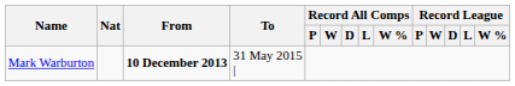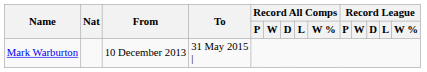 <table class="wikitable" style="text-align: center">
 <tr>
 <th rowspan="2">Name</th>
 <th rowspan="2">Nat</th>
 <th rowspan="2">From</th>
 <th rowspan="2">To</th>
 <th colspan="5">Record All Comps</th>
 <th colspan="5">Record League</th>
 </tr>
 <tr>
 <th>P</th>
 <th>W</th>
 <th>D</th>
 <th>L</th>
 <th>W %</th>
 <th>P</th>
 <th>W</th>
 <th>D</th>
 <th>L</th>
 <th>W %</th>
 </tr>
 <tr>
 <td align=left><a href='#'>Mark Warburton</a></td>
 <td></td>
-<td align=left><strong>10 December 2013</strong></td>
+<td align=left>10 December 2013</td>
 <td align=left>31 May 2015<br>|</td>
 </tr>
 </table>
